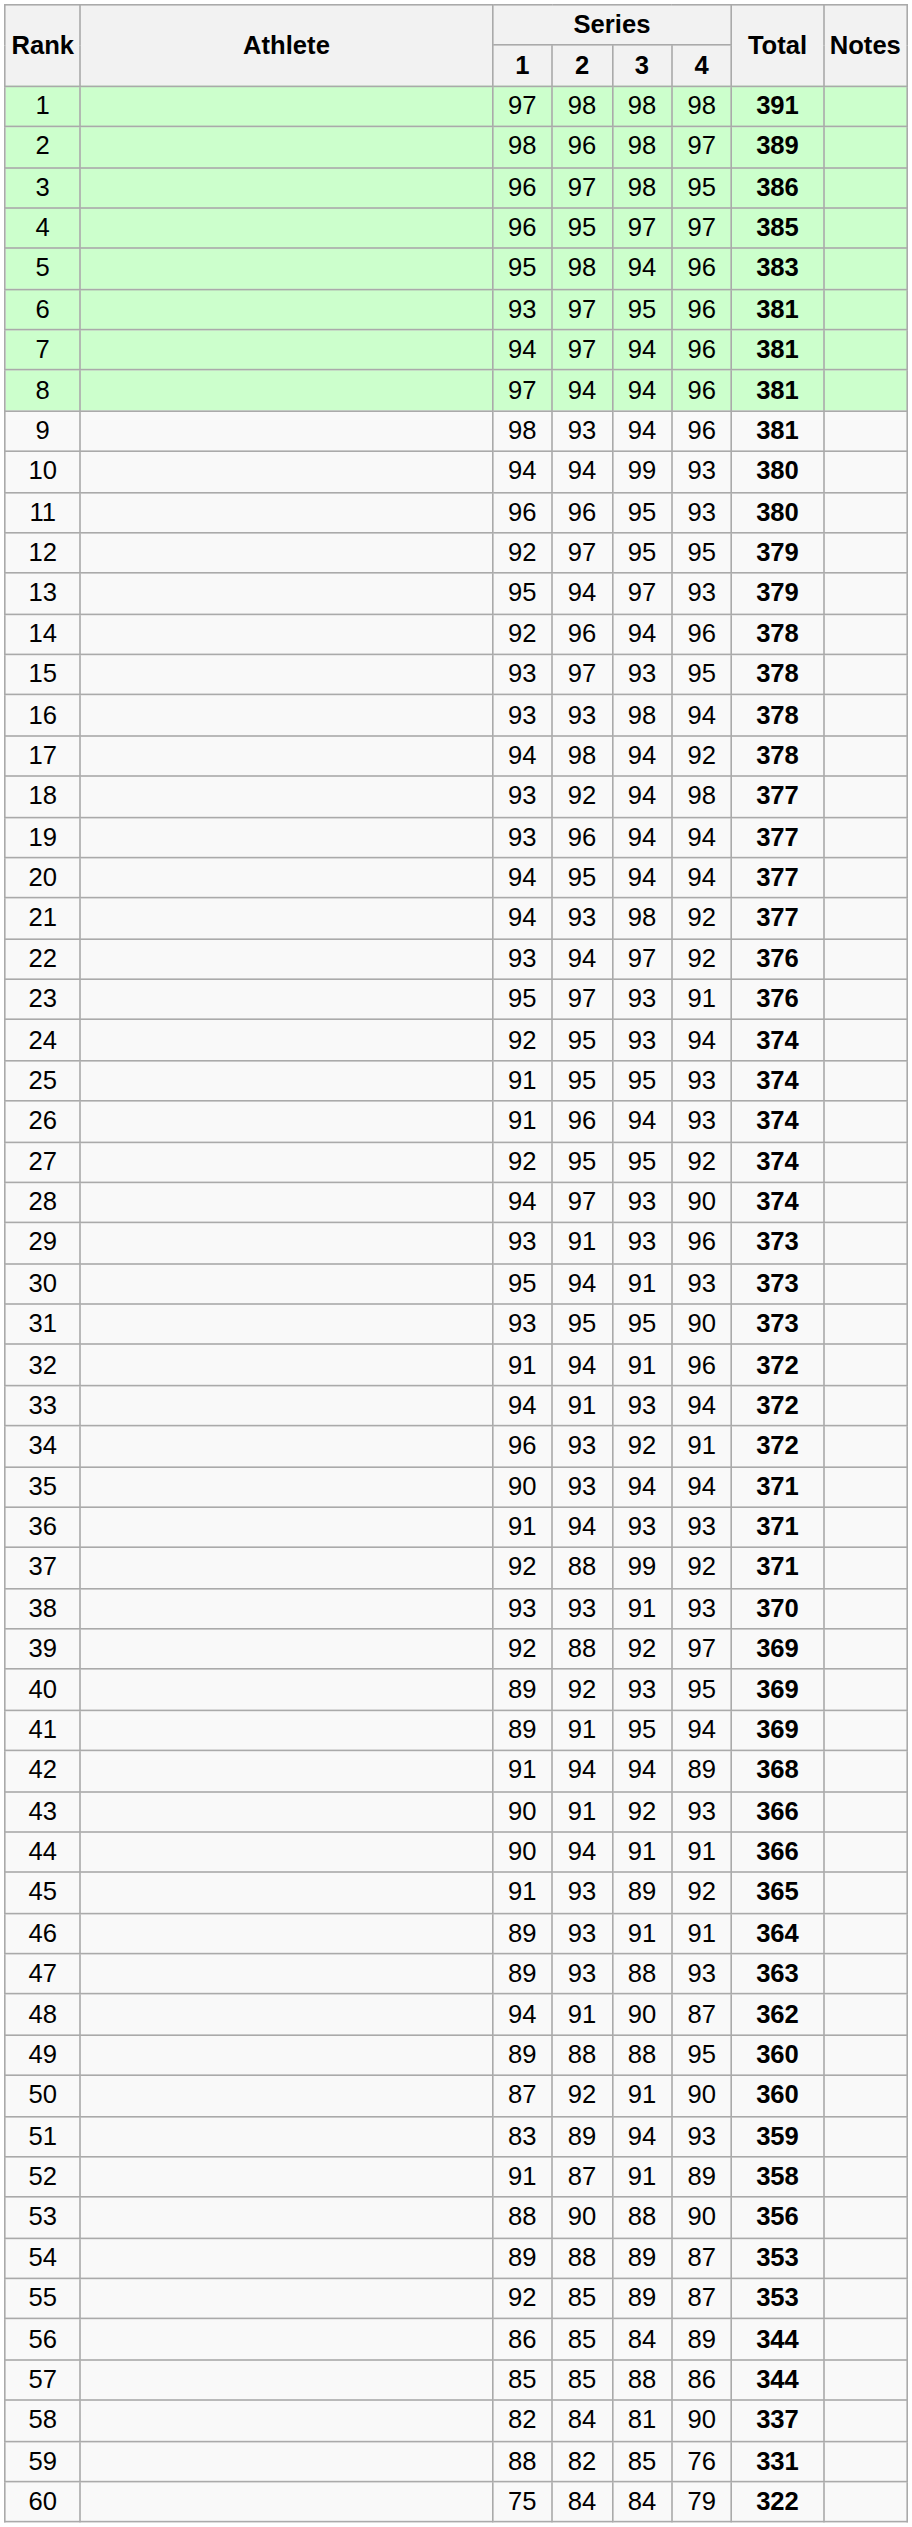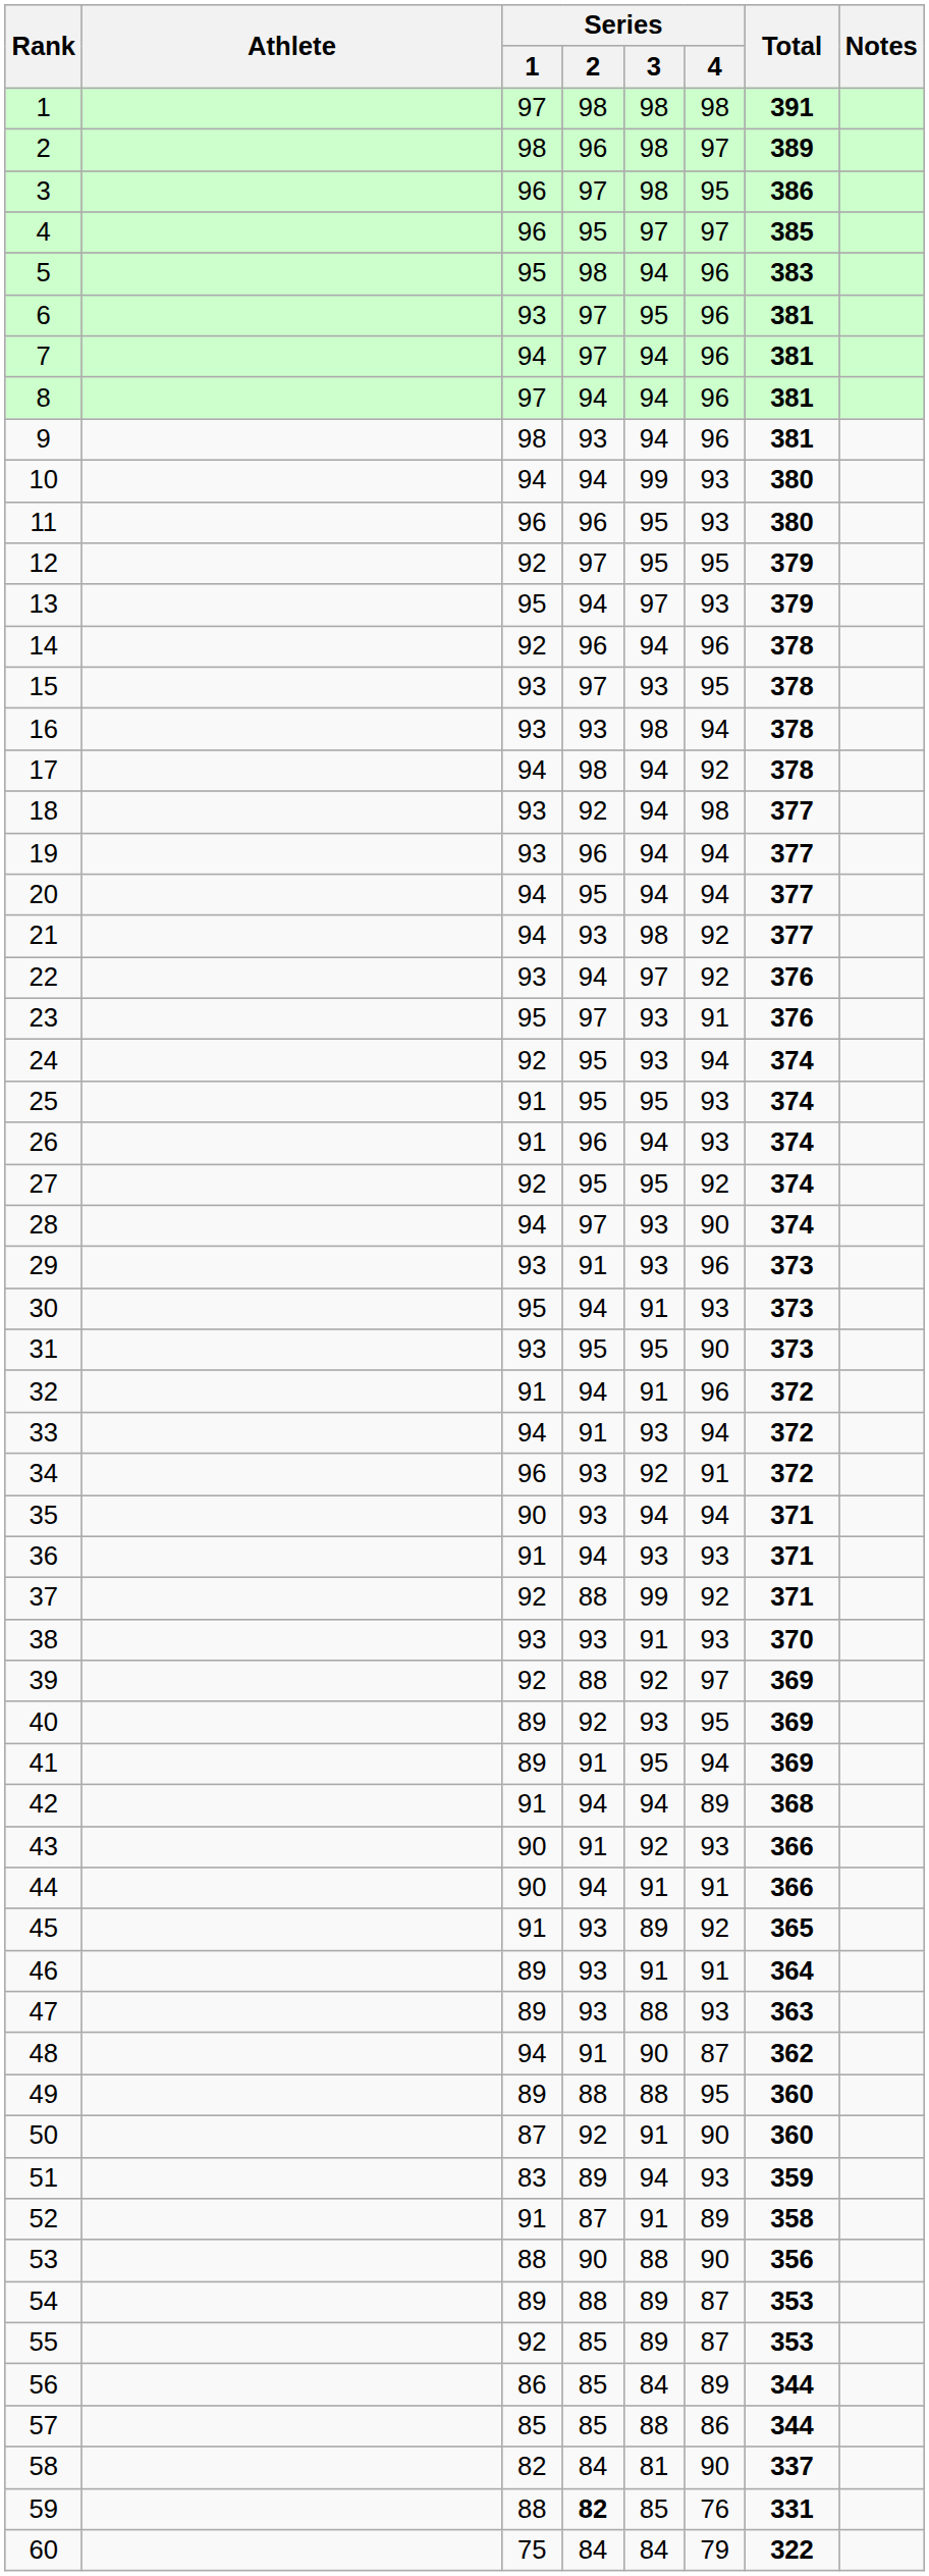 <table class="wikitable" style="text-align:center">
 <tr>
 <th rowspan=2 width=40>Rank</th>
 <th rowspan=2 width=250>Athlete</th>
 <th colspan=4>Series</th>
 <th rowspan=2 width=50>Total</th>
 <th rowspan=2 width=45>Notes</th>
 </tr>
 <tr>
 <th width=30>1</th>
 <th width=30>2</th>
 <th width=30>3</th>
 <th width=30>4</th>
 </tr>
 <tr bgcolor=ccffcc>
 <td>1</td>
 <td align=left></td>
 <td>97</td>
 <td>98</td>
 <td>98</td>
 <td>98</td>
 <td><strong>391</strong></td>
 <td></td>
 </tr>
 <tr bgcolor=ccffcc>
 <td>2</td>
 <td align=left></td>
 <td>98</td>
 <td>96</td>
 <td>98</td>
 <td>97</td>
 <td><strong>389</strong></td>
 <td></td>
 </tr>
 <tr bgcolor=ccffcc>
 <td>3</td>
 <td align=left></td>
 <td>96</td>
 <td>97</td>
 <td>98</td>
 <td>95</td>
 <td><strong>386</strong></td>
 <td></td>
 </tr>
 <tr bgcolor=ccffcc>
 <td>4</td>
 <td align=left></td>
 <td>96</td>
 <td>95</td>
 <td>97</td>
 <td>97</td>
 <td><strong>385</strong></td>
 <td></td>
 </tr>
 <tr bgcolor=ccffcc>
 <td>5</td>
 <td align=left></td>
 <td>95</td>
 <td>98</td>
 <td>94</td>
 <td>96</td>
 <td><strong>383</strong></td>
 <td></td>
 </tr>
 <tr bgcolor=ccffcc>
 <td>6</td>
 <td align=left></td>
 <td>93</td>
 <td>97</td>
 <td>95</td>
 <td>96</td>
 <td><strong>381</strong></td>
 <td></td>
 </tr>
 <tr bgcolor=ccffcc>
 <td>7</td>
 <td align=left></td>
 <td>94</td>
 <td>97</td>
 <td>94</td>
 <td>96</td>
 <td><strong>381</strong></td>
 <td></td>
 </tr>
 <tr bgcolor=ccffcc>
 <td>8</td>
 <td align=left></td>
 <td>97</td>
 <td>94</td>
 <td>94</td>
 <td>96</td>
 <td><strong>381</strong></td>
 <td></td>
 </tr>
 <tr>
 <td>9</td>
 <td align=left></td>
 <td>98</td>
 <td>93</td>
 <td>94</td>
 <td>96</td>
 <td><strong>381</strong></td>
 <td></td>
 </tr>
 <tr>
 <td>10</td>
 <td align=left></td>
 <td>94</td>
 <td>94</td>
 <td>99</td>
 <td>93</td>
 <td><strong>380</strong></td>
 <td></td>
 </tr>
 <tr>
 <td>11</td>
 <td align=left></td>
 <td>96</td>
 <td>96</td>
 <td>95</td>
 <td>93</td>
 <td><strong>380</strong></td>
 <td></td>
 </tr>
 <tr>
 <td>12</td>
 <td align=left></td>
 <td>92</td>
 <td>97</td>
 <td>95</td>
 <td>95</td>
 <td><strong>379</strong></td>
 <td></td>
 </tr>
 <tr>
 <td>13</td>
 <td align=left></td>
 <td>95</td>
 <td>94</td>
 <td>97</td>
 <td>93</td>
 <td><strong>379</strong></td>
 <td></td>
 </tr>
 <tr>
 <td>14</td>
 <td align=left></td>
 <td>92</td>
 <td>96</td>
 <td>94</td>
 <td>96</td>
 <td><strong>378</strong></td>
 <td></td>
 </tr>
 <tr>
 <td>15</td>
 <td align=left></td>
 <td>93</td>
 <td>97</td>
 <td>93</td>
 <td>95</td>
 <td><strong>378</strong></td>
 <td></td>
 </tr>
 <tr>
 <td>16</td>
 <td align=left></td>
 <td>93</td>
 <td>93</td>
 <td>98</td>
 <td>94</td>
 <td><strong>378</strong></td>
 <td></td>
 </tr>
 <tr>
 <td>17</td>
 <td align=left></td>
 <td>94</td>
 <td>98</td>
 <td>94</td>
 <td>92</td>
 <td><strong>378</strong></td>
 <td></td>
 </tr>
 <tr>
 <td>18</td>
 <td align=left></td>
 <td>93</td>
 <td>92</td>
 <td>94</td>
 <td>98</td>
 <td><strong>377</strong></td>
 <td></td>
 </tr>
 <tr>
 <td>19</td>
 <td align=left></td>
 <td>93</td>
 <td>96</td>
 <td>94</td>
 <td>94</td>
 <td><strong>377</strong></td>
 <td></td>
 </tr>
 <tr>
 <td>20</td>
 <td align=left></td>
 <td>94</td>
 <td>95</td>
 <td>94</td>
 <td>94</td>
 <td><strong>377</strong></td>
 <td></td>
 </tr>
 <tr>
 <td>21</td>
 <td align=left></td>
 <td>94</td>
 <td>93</td>
 <td>98</td>
 <td>92</td>
 <td><strong>377</strong></td>
 <td></td>
 </tr>
 <tr>
 <td>22</td>
 <td align=left></td>
 <td>93</td>
 <td>94</td>
 <td>97</td>
 <td>92</td>
 <td><strong>376</strong></td>
 <td></td>
 </tr>
 <tr>
 <td>23</td>
 <td align=left></td>
 <td>95</td>
 <td>97</td>
 <td>93</td>
 <td>91</td>
 <td><strong>376</strong></td>
 <td></td>
 </tr>
 <tr>
 <td>24</td>
 <td align=left></td>
 <td>92</td>
 <td>95</td>
 <td>93</td>
 <td>94</td>
 <td><strong>374</strong></td>
 <td></td>
 </tr>
 <tr>
 <td>25</td>
 <td align=left></td>
 <td>91</td>
 <td>95</td>
 <td>95</td>
 <td>93</td>
 <td><strong>374</strong></td>
 <td></td>
 </tr>
 <tr>
 <td>26</td>
 <td align=left></td>
 <td>91</td>
 <td>96</td>
 <td>94</td>
 <td>93</td>
 <td><strong>374</strong></td>
 <td></td>
 </tr>
 <tr>
 <td>27</td>
 <td align=left></td>
 <td>92</td>
 <td>95</td>
 <td>95</td>
 <td>92</td>
 <td><strong>374</strong></td>
 <td></td>
 </tr>
 <tr>
 <td>28</td>
 <td align=left></td>
 <td>94</td>
 <td>97</td>
 <td>93</td>
 <td>90</td>
 <td><strong>374</strong></td>
 <td></td>
 </tr>
 <tr>
 <td>29</td>
 <td align=left></td>
 <td>93</td>
 <td>91</td>
 <td>93</td>
 <td>96</td>
 <td><strong>373</strong></td>
 <td></td>
 </tr>
 <tr>
 <td>30</td>
 <td align=left></td>
 <td>95</td>
 <td>94</td>
 <td>91</td>
 <td>93</td>
 <td><strong>373</strong></td>
 <td></td>
 </tr>
 <tr>
 <td>31</td>
 <td align=left></td>
 <td>93</td>
 <td>95</td>
 <td>95</td>
 <td>90</td>
 <td><strong>373</strong></td>
 <td></td>
 </tr>
 <tr>
 <td>32</td>
 <td align=left></td>
 <td>91</td>
 <td>94</td>
 <td>91</td>
 <td>96</td>
 <td><strong>372</strong></td>
 <td></td>
 </tr>
 <tr>
 <td>33</td>
 <td align=left></td>
 <td>94</td>
 <td>91</td>
 <td>93</td>
 <td>94</td>
 <td><strong>372</strong></td>
 <td></td>
 </tr>
 <tr>
 <td>34</td>
 <td align=left></td>
 <td>96</td>
 <td>93</td>
 <td>92</td>
 <td>91</td>
 <td><strong>372</strong></td>
 <td></td>
 </tr>
 <tr>
 <td>35</td>
 <td align=left></td>
 <td>90</td>
 <td>93</td>
 <td>94</td>
 <td>94</td>
 <td><strong>371</strong></td>
 <td></td>
 </tr>
 <tr>
 <td>36</td>
 <td align=left></td>
 <td>91</td>
 <td>94</td>
 <td>93</td>
 <td>93</td>
 <td><strong>371</strong></td>
 <td></td>
 </tr>
 <tr>
 <td>37</td>
 <td align=left></td>
 <td>92</td>
 <td>88</td>
 <td>99</td>
 <td>92</td>
 <td><strong>371</strong></td>
 <td></td>
 </tr>
 <tr>
 <td>38</td>
 <td align=left></td>
 <td>93</td>
 <td>93</td>
 <td>91</td>
 <td>93</td>
 <td><strong>370</strong></td>
 <td></td>
 </tr>
 <tr>
 <td>39</td>
 <td align=left></td>
 <td>92</td>
 <td>88</td>
 <td>92</td>
 <td>97</td>
 <td><strong>369</strong></td>
 <td></td>
 </tr>
 <tr>
 <td>40</td>
 <td align=left></td>
 <td>89</td>
 <td>92</td>
 <td>93</td>
 <td>95</td>
 <td><strong>369</strong></td>
 <td></td>
 </tr>
 <tr>
 <td>41</td>
 <td align=left></td>
 <td>89</td>
 <td>91</td>
 <td>95</td>
 <td>94</td>
 <td><strong>369</strong></td>
 <td></td>
 </tr>
 <tr>
 <td>42</td>
 <td align=left></td>
 <td>91</td>
 <td>94</td>
 <td>94</td>
 <td>89</td>
 <td><strong>368</strong></td>
 <td></td>
 </tr>
 <tr>
 <td>43</td>
 <td align=left></td>
 <td>90</td>
 <td>91</td>
 <td>92</td>
 <td>93</td>
 <td><strong>366</strong></td>
 <td></td>
 </tr>
 <tr>
 <td>44</td>
 <td align=left></td>
 <td>90</td>
 <td>94</td>
 <td>91</td>
 <td>91</td>
 <td><strong>366</strong></td>
 <td></td>
 </tr>
 <tr>
 <td>45</td>
 <td align=left></td>
 <td>91</td>
 <td>93</td>
 <td>89</td>
 <td>92</td>
 <td><strong>365</strong></td>
 <td></td>
 </tr>
 <tr>
 <td>46</td>
 <td align=left></td>
 <td>89</td>
 <td>93</td>
 <td>91</td>
 <td>91</td>
 <td><strong>364</strong></td>
 <td></td>
 </tr>
 <tr>
 <td>47</td>
 <td align=left></td>
 <td>89</td>
 <td>93</td>
 <td>88</td>
 <td>93</td>
 <td><strong>363</strong></td>
 <td></td>
 </tr>
 <tr>
 <td>48</td>
 <td align=left></td>
 <td>94</td>
 <td>91</td>
 <td>90</td>
 <td>87</td>
 <td><strong>362</strong></td>
 <td></td>
 </tr>
 <tr>
 <td>49</td>
 <td align=left></td>
 <td>89</td>
 <td>88</td>
 <td>88</td>
 <td>95</td>
 <td><strong>360</strong></td>
 <td></td>
 </tr>
 <tr>
 <td>50</td>
 <td align=left></td>
 <td>87</td>
 <td>92</td>
 <td>91</td>
 <td>90</td>
 <td><strong>360</strong></td>
 <td></td>
 </tr>
 <tr>
 <td>51</td>
 <td align=left></td>
 <td>83</td>
 <td>89</td>
 <td>94</td>
 <td>93</td>
 <td><strong>359</strong></td>
 <td></td>
 </tr>
 <tr>
 <td>52</td>
 <td align=left></td>
 <td>91</td>
 <td>87</td>
 <td>91</td>
 <td>89</td>
 <td><strong>358</strong></td>
 <td></td>
 </tr>
 <tr>
 <td>53</td>
 <td align=left></td>
 <td>88</td>
 <td>90</td>
 <td>88</td>
 <td>90</td>
 <td><strong>356</strong></td>
 <td></td>
 </tr>
 <tr>
 <td>54</td>
 <td align=left></td>
 <td>89</td>
 <td>88</td>
 <td>89</td>
 <td>87</td>
 <td><strong>353</strong></td>
 <td></td>
 </tr>
 <tr>
 <td>55</td>
 <td align=left></td>
 <td>92</td>
 <td>85</td>
 <td>89</td>
 <td>87</td>
 <td><strong>353</strong></td>
 <td></td>
 </tr>
 <tr>
 <td>56</td>
 <td align=left></td>
 <td>86</td>
 <td>85</td>
 <td>84</td>
 <td>89</td>
 <td><strong>344</strong></td>
 <td></td>
 </tr>
 <tr>
 <td>57</td>
 <td align=left></td>
 <td>85</td>
 <td>85</td>
 <td>88</td>
 <td>86</td>
 <td><strong>344</strong></td>
 <td></td>
 </tr>
 <tr>
 <td>58</td>
 <td align=left></td>
 <td>82</td>
 <td>84</td>
 <td>81</td>
 <td>90</td>
 <td><strong>337</strong></td>
 <td></td>
 </tr>
 <tr>
 <td>59</td>
 <td align=left></td>
 <td>88</td>
-<td>82</td>
+<td><strong>82</strong></td>
 <td>85</td>
 <td>76</td>
 <td><strong>331</strong></td>
 <td></td>
 </tr>
 <tr>
 <td>60</td>
 <td align=left></td>
 <td>75</td>
 <td>84</td>
 <td>84</td>
 <td>79</td>
 <td><strong>322</strong></td>
 <td></td>
 </tr>
 </table>
